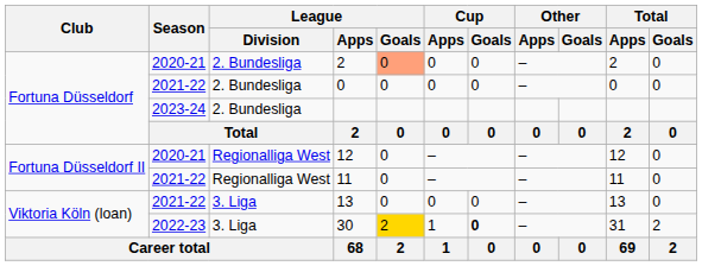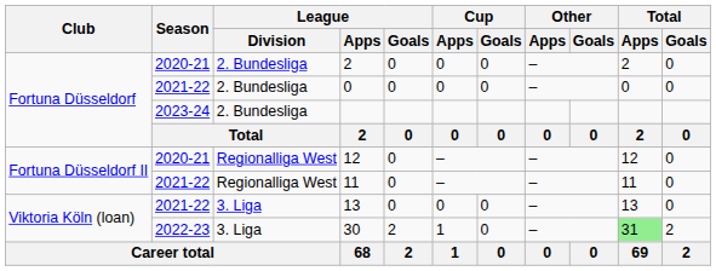 <table class="wikitable">
 <tr>
 <th rowspan="2">Club</th>
 <th rowspan="2">Season</th>
 <th colspan="3">League</th>
 <th colspan="2">Cup</th>
 <th colspan="2">Other</th>
 <th colspan="2">Total</th>
 </tr>
 <tr>
 <th>Division</th>
 <th>Apps</th>
 <th>Goals</th>
 <th>Apps</th>
 <th>Goals</th>
 <th>Apps</th>
 <th>Goals</th>
 <th>Apps</th>
 <th>Goals</th>
 </tr>
 <tr>
 <td rowspan="4"><a href='#'>Fortuna Düsseldorf</a></td>
 <td><a href='#'>2020-21</a></td>
 <td><a href='#'>2. Bundesliga</a></td>
 <td>2</td>
-<td style="background: lightsalmon;">0</td>
+<td>0</td>
 <td>0</td>
 <td>0</td>
 <td colspan="2">–</td>
 <td>2</td>
 <td>0</td>
 </tr>
 <tr>
 <td><a href='#'>2021-22</a></td>
 <td>2. Bundesliga</td>
 <td>0</td>
 <td>0</td>
 <td>0</td>
 <td>0</td>
 <td colspan="2">–</td>
 <td>0</td>
 <td>0</td>
 </tr>
 <tr>
 <td><a href='#'>2023-24</a></td>
 <td>2. Bundesliga</td>
 <td></td>
 <td></td>
 <td></td>
 <td></td>
 <td></td>
 <td></td>
 <td></td>
 <td></td>
 </tr>
 <tr>
 <th colspan="2">Total</th>
 <th>2</th>
 <th>0</th>
 <th>0</th>
 <th>0</th>
 <th>0</th>
 <th>0</th>
 <th>2</th>
 <th>0</th>
 </tr>
 <tr>
 <td rowspan="2"><a href='#'>Fortuna Düsseldorf II</a></td>
 <td><a href='#'>2020-21</a></td>
 <td><a href='#'>Regionalliga West</a></td>
 <td>12</td>
 <td>0</td>
 <td colspan="2">–</td>
 <td colspan="2">–</td>
 <td>12</td>
 <td>0</td>
 </tr>
 <tr>
 <td><a href='#'>2021-22</a></td>
 <td>Regionalliga West</td>
 <td>11</td>
 <td>0</td>
 <td colspan="2">–</td>
 <td colspan="2">–</td>
 <td>11</td>
 <td>0</td>
 </tr>
 <tr>
 <td rowspan="2"><a href='#'>Viktoria Köln</a> (loan)</td>
 <td><a href='#'>2021-22</a></td>
 <td><a href='#'>3. Liga</a></td>
 <td>13</td>
 <td>0</td>
 <td>0</td>
 <td>0</td>
 <td colspan="2">–</td>
 <td>13</td>
 <td>0</td>
 </tr>
 <tr>
 <td><a href='#'>2022-23</a></td>
 <td>3. Liga</td>
 <td>30</td>
-<td style="background: gold;">2</td>
+<td>2</td>
 <td>1</td>
-<td><strong>0</strong></td>
+<td>0</td>
 <td colspan="2">–</td>
-<td>31</td>
+<td style="background: lightgreen;">31</td>
 <td>2</td>
 </tr>
 <tr>
 <th colspan="3">Career total</th>
 <th>68</th>
 <th>2</th>
 <th>1</th>
 <th>0</th>
 <th>0</th>
 <th>0</th>
 <th>69</th>
 <th>2</th>
 </tr>
 </table>
